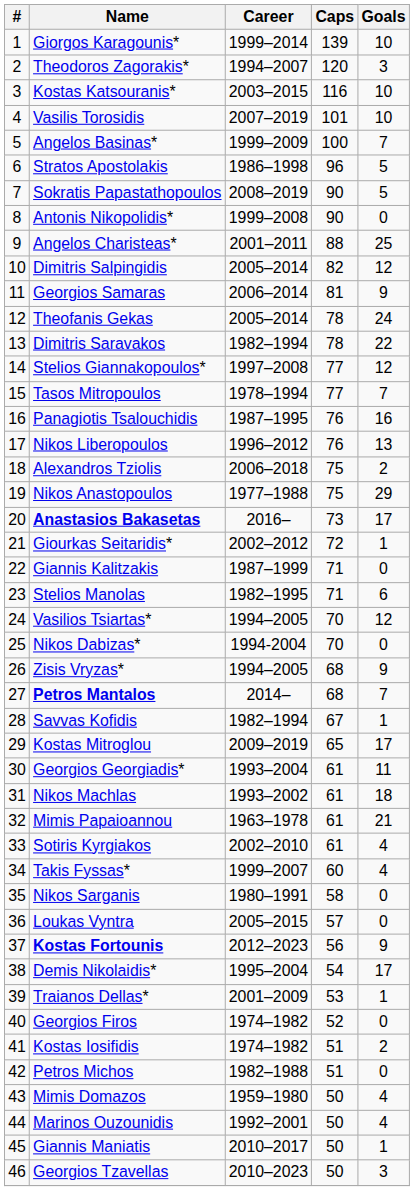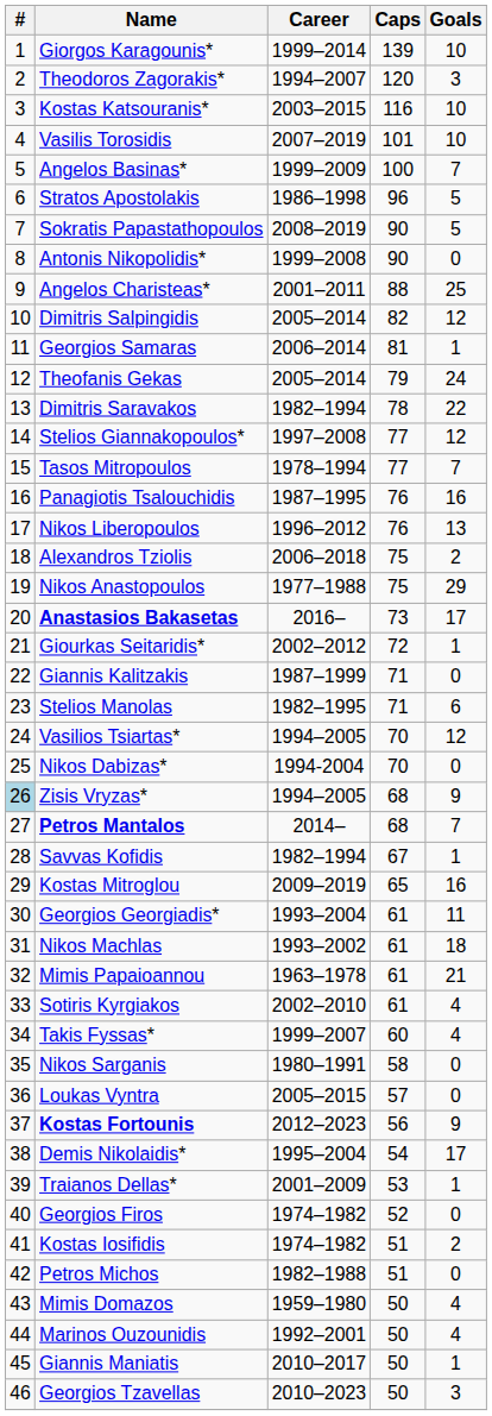 <table class="sortable wikitable" style="text-align: center;">
 <tr>
 <th class="unsortable">#</th>
 <th class="unsortable">Name</th>
 <th>Career</th>
 <th>Caps</th>
 <th>Goals</th>
 </tr>
 <tr>
 <td>1</td>
 <td align="left"><a href='#'>Giorgos Karagounis</a>*</td>
 <td>1999–2014</td>
 <td>139</td>
 <td>10</td>
 </tr>
 <tr>
 <td>2</td>
 <td align="left"><a href='#'>Theodoros Zagorakis</a>*</td>
 <td>1994–2007</td>
 <td>120</td>
 <td>3</td>
 </tr>
 <tr>
 <td>3</td>
 <td align="left"><a href='#'>Kostas Katsouranis</a>*</td>
 <td>2003–2015</td>
 <td>116</td>
 <td>10</td>
 </tr>
 <tr>
 <td>4</td>
 <td align="left"><a href='#'>Vasilis Torosidis</a></td>
 <td>2007–2019</td>
 <td>101</td>
 <td>10</td>
 </tr>
 <tr>
 <td>5</td>
 <td align="left"><a href='#'>Angelos Basinas</a>*</td>
 <td>1999–2009</td>
 <td>100</td>
 <td>7</td>
 </tr>
 <tr>
 <td>6</td>
 <td align="left"><a href='#'>Stratos Apostolakis</a></td>
 <td>1986–1998</td>
 <td>96</td>
 <td>5</td>
 </tr>
 <tr>
 <td>7</td>
 <td align="left"><a href='#'>Sokratis Papastathopoulos</a></td>
 <td>2008–2019</td>
 <td>90</td>
 <td>5</td>
 </tr>
 <tr>
 <td>8</td>
 <td align="left"><a href='#'>Antonis Nikopolidis</a>*</td>
 <td>1999–2008</td>
 <td>90</td>
 <td>0</td>
 </tr>
 <tr>
 <td>9</td>
 <td align="left"><a href='#'>Angelos Charisteas</a>*</td>
 <td>2001–2011</td>
 <td>88</td>
 <td>25</td>
 </tr>
 <tr>
 <td>10</td>
 <td align="left"><a href='#'>Dimitris Salpingidis</a></td>
 <td>2005–2014</td>
 <td>82</td>
 <td>12</td>
 </tr>
 <tr>
 <td>11</td>
 <td align="left"><a href='#'>Georgios Samaras</a></td>
 <td>2006–2014</td>
 <td>81</td>
-<td>9</td>
+<td>1</td>
 </tr>
 <tr>
 <td>12</td>
 <td align="left"><a href='#'>Theofanis Gekas</a></td>
 <td>2005–2014</td>
-<td>78</td>
+<td>79</td>
 <td>24</td>
 </tr>
 <tr>
 <td>13</td>
 <td align="left"><a href='#'>Dimitris Saravakos</a></td>
 <td>1982–1994</td>
 <td>78</td>
 <td>22</td>
 </tr>
 <tr>
 <td>14</td>
 <td align="left"><a href='#'>Stelios Giannakopoulos</a>*</td>
 <td>1997–2008</td>
 <td>77</td>
 <td>12</td>
 </tr>
 <tr>
 <td>15</td>
 <td align="left"><a href='#'>Tasos Mitropoulos</a></td>
 <td>1978–1994</td>
 <td>77</td>
 <td>7</td>
 </tr>
 <tr>
 <td>16</td>
 <td align="left"><a href='#'>Panagiotis Tsalouchidis</a></td>
 <td>1987–1995</td>
 <td>76</td>
 <td>16</td>
 </tr>
 <tr>
 <td>17</td>
 <td align="left"><a href='#'>Nikos Liberopoulos</a></td>
 <td>1996–2012</td>
 <td>76</td>
 <td>13</td>
 </tr>
 <tr>
 <td>18</td>
 <td align="left"><a href='#'>Alexandros Tziolis</a></td>
 <td>2006–2018</td>
 <td>75</td>
 <td>2</td>
 </tr>
 <tr>
 <td>19</td>
 <td align="left"><a href='#'>Nikos Anastopoulos</a></td>
 <td>1977–1988</td>
 <td>75</td>
 <td>29</td>
 </tr>
 <tr>
 <td>20</td>
 <td align="left"><strong><a href='#'>Anastasios Bakasetas</a></strong></td>
 <td>2016–</td>
 <td>73</td>
 <td>17</td>
 </tr>
 <tr>
 <td>21</td>
 <td align="left"><a href='#'>Giourkas Seitaridis</a>*</td>
 <td>2002–2012</td>
 <td>72</td>
 <td>1</td>
 </tr>
 <tr>
 <td>22</td>
 <td align="left"><a href='#'>Giannis Kalitzakis</a></td>
 <td>1987–1999</td>
 <td>71</td>
 <td>0</td>
 </tr>
 <tr>
 <td>23</td>
 <td align="left"><a href='#'>Stelios Manolas</a></td>
 <td>1982–1995</td>
 <td>71</td>
 <td>6</td>
 </tr>
 <tr>
 <td>24</td>
 <td align="left"><a href='#'>Vasilios Tsiartas</a>*</td>
 <td>1994–2005</td>
 <td>70</td>
 <td>12</td>
 </tr>
 <tr>
 <td>25</td>
 <td align="left"><a href='#'>Nikos Dabizas</a>*</td>
 <td>1994-2004</td>
 <td>70</td>
 <td>0</td>
 </tr>
 <tr>
-<td>26</td>
+<td style="background: lightblue;">26</td>
 <td align="left"><a href='#'>Zisis Vryzas</a>*</td>
 <td>1994–2005</td>
 <td>68</td>
 <td>9</td>
 </tr>
 <tr>
 <td>27</td>
 <td align="left"><strong><a href='#'>Petros Mantalos</a></strong></td>
 <td>2014–</td>
 <td>68</td>
 <td>7</td>
 </tr>
 <tr>
 <td>28</td>
 <td align="left"><a href='#'>Savvas Kofidis</a></td>
 <td>1982–1994</td>
 <td>67</td>
 <td>1</td>
 </tr>
 <tr>
 <td>29</td>
 <td align="left"><a href='#'>Kostas Mitroglou</a></td>
 <td>2009–2019</td>
 <td>65</td>
-<td>17</td>
+<td>16</td>
 </tr>
 <tr>
 <td>30</td>
 <td align="left"><a href='#'>Georgios Georgiadis</a>*</td>
 <td>1993–2004</td>
 <td>61</td>
 <td>11</td>
 </tr>
 <tr>
 <td>31</td>
 <td align="left"><a href='#'>Nikos Machlas</a></td>
 <td>1993–2002</td>
 <td>61</td>
 <td>18</td>
 </tr>
 <tr>
 <td>32</td>
 <td align="left"><a href='#'>Mimis Papaioannou</a></td>
 <td>1963–1978</td>
 <td>61</td>
 <td>21</td>
 </tr>
 <tr>
 <td>33</td>
 <td align="left"><a href='#'>Sotiris Kyrgiakos</a></td>
 <td>2002–2010</td>
 <td>61</td>
 <td>4</td>
 </tr>
 <tr>
 <td>34</td>
 <td align="left"><a href='#'>Takis Fyssas</a>*</td>
 <td>1999–2007</td>
 <td>60</td>
 <td>4</td>
 </tr>
 <tr>
 <td>35</td>
 <td align="left"><a href='#'>Nikos Sarganis</a></td>
 <td>1980–1991</td>
 <td>58</td>
 <td>0</td>
 </tr>
 <tr>
 <td>36</td>
 <td align="left"><a href='#'>Loukas Vyntra</a></td>
 <td>2005–2015</td>
 <td>57</td>
 <td>0</td>
 </tr>
 <tr>
 <td>37</td>
 <td align="left"><strong><a href='#'>Kostas Fortounis</a></strong></td>
 <td>2012–2023</td>
 <td>56</td>
 <td>9</td>
 </tr>
 <tr>
 <td>38</td>
 <td align="left"><a href='#'>Demis Nikolaidis</a>*</td>
 <td>1995–2004</td>
 <td>54</td>
 <td>17</td>
 </tr>
 <tr>
 <td>39</td>
 <td align="left"><a href='#'>Traianos Dellas</a>*</td>
 <td>2001–2009</td>
 <td>53</td>
 <td>1</td>
 </tr>
 <tr>
 <td>40</td>
 <td align="left"><a href='#'>Georgios Firos</a></td>
 <td>1974–1982</td>
 <td>52</td>
 <td>0</td>
 </tr>
 <tr>
 <td>41</td>
 <td align="left"><a href='#'>Kostas Iosifidis</a></td>
 <td>1974–1982</td>
 <td>51</td>
 <td>2</td>
 </tr>
 <tr>
 <td>42</td>
 <td align="left"><a href='#'>Petros Michos</a></td>
 <td>1982–1988</td>
 <td>51</td>
 <td>0</td>
 </tr>
 <tr>
 <td>43</td>
 <td align="left"><a href='#'>Mimis Domazos</a></td>
 <td>1959–1980</td>
 <td>50</td>
 <td>4</td>
 </tr>
 <tr>
 <td>44</td>
 <td align="left"><a href='#'>Marinos Ouzounidis</a></td>
 <td>1992–2001</td>
 <td>50</td>
 <td>4</td>
 </tr>
 <tr>
 <td>45</td>
 <td align="left"><a href='#'>Giannis Maniatis</a></td>
 <td>2010–2017</td>
 <td>50</td>
 <td>1</td>
 </tr>
 <tr>
 <td>46</td>
 <td align="left"><a href='#'>Georgios Tzavellas</a></td>
 <td>2010–2023</td>
 <td>50</td>
 <td>3</td>
 </tr>
 <tr>
 </tr>
 </table>
